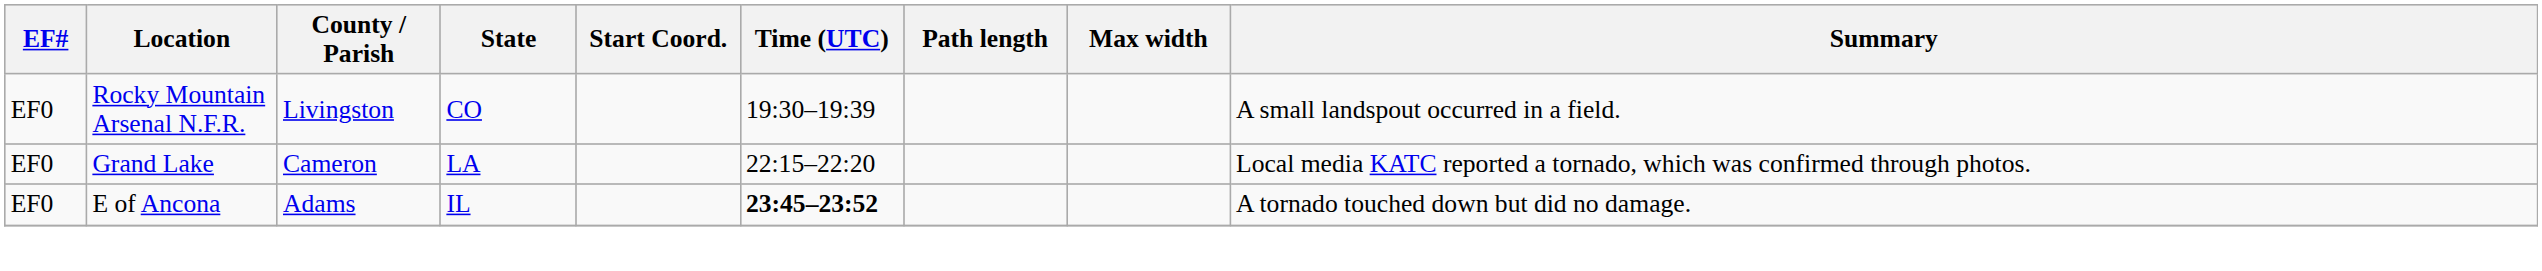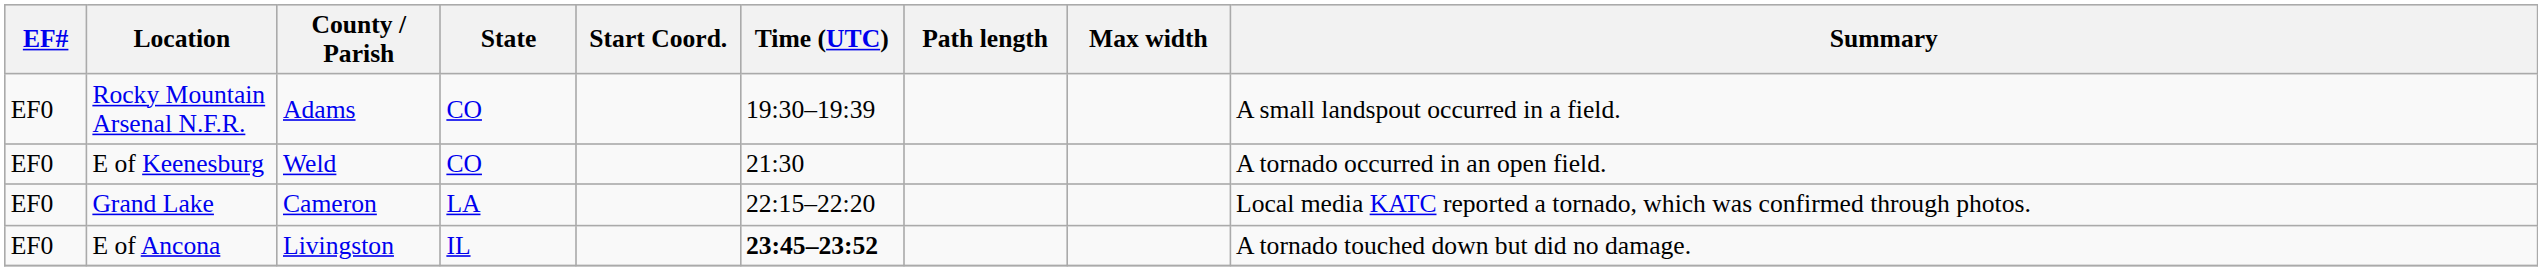 <table class="wikitable sortable" style="width:100%;">
 <tr>
 <th scope="col"  style="width:3%; text-align:center;"><a href='#'>EF#</a></th>
 <th scope="col"  style="width:7%; text-align:center;" class="unsortable">Location</th>
 <th scope="col"  style="width:6%; text-align:center;" class="unsortable">County / Parish</th>
 <th scope="col"  style="width:5%; text-align:center;">State</th>
 <th scope="col"  style="width:6%; text-align:center;">Start Coord.</th>
 <th scope="col"  style="width:6%; text-align:center;">Time (<a href='#'>UTC</a>)</th>
 <th scope="col"  style="width:6%; text-align:center;">Path length</th>
 <th scope="col"  style="width:6%; text-align:center;">Max width</th>
 <th scope="col" class="unsortable" style="width:48%; text-align:center;">Summary</th>
 </tr>
 <tr>
 <td>EF0</td>
 <td><a href='#'>Rocky Mountain Arsenal N.F.R.</a></td>
-<td><a href='#'>Livingston</a></td>
+<td><a href='#'>Adams</a></td>
 <td><a href='#'>CO</a></td>
 <td></td>
 <td>19:30–19:39</td>
 <td></td>
 <td></td>
 <td>A small landspout occurred in a field.</td>
+</tr>
+<tr>
+<td>EF0</td>
+<td>E of <a href='#'>Keenesburg</a></td>
+<td><a href='#'>Weld</a></td>
+<td><a href='#'>CO</a></td>
+<td></td>
+<td>21:30</td>
+<td></td>
+<td></td>
+<td>A tornado occurred in an open field.</td>
 </tr>
 <tr>
 <td>EF0</td>
 <td><a href='#'>Grand Lake</a></td>
 <td><a href='#'>Cameron</a></td>
 <td><a href='#'>LA</a></td>
 <td></td>
 <td>22:15–22:20</td>
 <td></td>
 <td></td>
 <td>Local media <a href='#'>KATC</a> reported a tornado, which was confirmed through photos.</td>
 </tr>
 <tr>
 <td>EF0</td>
 <td>E of <a href='#'>Ancona</a></td>
-<td><a href='#'>Adams</a></td>
+<td><a href='#'>Livingston</a></td>
 <td><a href='#'>IL</a></td>
 <td></td>
 <td><strong>23:45–23:52</strong></td>
 <td></td>
 <td></td>
 <td>A tornado touched down but did no damage.</td>
 </tr>
 <tr>
 </tr>
 </table>
